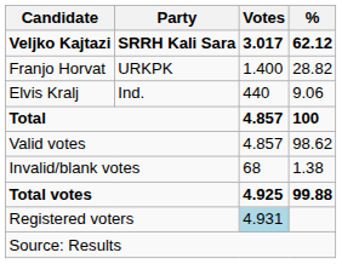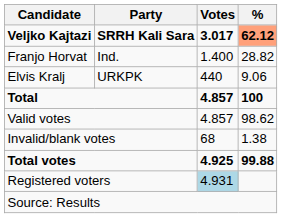 <table class="wikitable" style="text-align: left;">
 <tr>
 <th>Candidate</th>
 <th>Party</th>
 <th>Votes</th>
 <th>%</th>
 </tr>
 <tr>
 <td><strong>Veljko Kajtazi</strong></td>
 <td><strong>SRRH Kali Sara</strong></td>
 <td><strong>3.017</strong></td>
-<td><strong>62.12</strong></td>
+<td style="background: lightsalmon;"><strong>62.12</strong></td>
 </tr>
 <tr>
 <td>Franjo Horvat</td>
-<td>URKPK</td>
+<td>Ind.</td>
 <td>1.400</td>
 <td>28.82</td>
 </tr>
 <tr>
 <td>Elvis Kralj</td>
-<td>Ind.</td>
+<td>URKPK</td>
 <td>440</td>
 <td>9.06</td>
 </tr>
 <tr>
 <td colspan="2"><strong>Total</strong></td>
 <td><strong>4.857</strong></td>
 <td><strong>100</strong></td>
 </tr>
 <tr>
 <td colspan="2">Valid votes</td>
 <td>4.857</td>
 <td>98.62</td>
 </tr>
 <tr>
 <td colspan="2">Invalid/blank votes</td>
 <td>68</td>
 <td>1.38</td>
 </tr>
 <tr>
 <td colspan="2"><strong>Total votes</strong></td>
 <td><strong>4.925</strong></td>
 <td><strong>99.88</strong></td>
 </tr>
 <tr>
 <td colspan="2">Registered voters</td>
 <td style="background: lightblue;">4.931</td>
 <td></td>
 </tr>
 <tr>
 <td colspan="4">Source: Results</td>
 </tr>
 </table>
